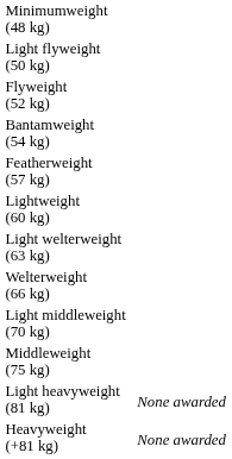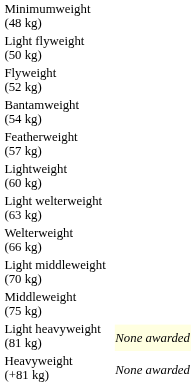 <table>
 <tr>
 <td rowspan=2>Minimumweight<br>(48 kg)</td>
 <td rowspan=2></td>
 <td rowspan=2></td>
 <td></td>
 </tr>
 <tr>
 <td></td>
 </tr>
 <tr>
 <td rowspan=2>Light flyweight<br>(50 kg)</td>
 <td rowspan=2></td>
 <td rowspan=2></td>
 <td></td>
 </tr>
 <tr>
 <td></td>
 </tr>
 <tr>
 <td rowspan=2>Flyweight<br>(52 kg)</td>
 <td rowspan=2></td>
 <td rowspan=2></td>
 <td></td>
 </tr>
 <tr>
 <td></td>
 </tr>
 <tr>
 <td rowspan=2>Bantamweight<br>(54 kg)</td>
 <td rowspan=2></td>
 <td rowspan=2></td>
 <td></td>
 </tr>
 <tr>
 <td></td>
 </tr>
 <tr>
 <td rowspan=2>Featherweight<br>(57 kg)</td>
 <td rowspan=2></td>
 <td rowspan=2></td>
 <td></td>
 </tr>
 <tr>
 <td></td>
 </tr>
 <tr>
 <td rowspan=2>Lightweight<br>(60 kg)</td>
 <td rowspan=2></td>
 <td rowspan=2></td>
 <td></td>
 </tr>
 <tr>
 <td></td>
 </tr>
 <tr>
 <td rowspan=2>Light welterweight<br>(63 kg)</td>
 <td rowspan=2></td>
 <td rowspan=2></td>
 <td></td>
 </tr>
 <tr>
 <td></td>
 </tr>
 <tr>
 <td rowspan=2>Welterweight<br>(66 kg)</td>
 <td rowspan=2></td>
 <td rowspan=2></td>
 <td></td>
 </tr>
 <tr>
 <td></td>
 </tr>
 <tr>
 <td rowspan=2>Light middleweight<br>(70 kg)</td>
 <td rowspan=2></td>
 <td rowspan=2></td>
 <td></td>
 </tr>
 <tr>
 <td></td>
 </tr>
 <tr>
 <td rowspan=2>Middleweight<br>(75 kg)</td>
 <td rowspan=2></td>
 <td rowspan=2></td>
 <td></td>
 </tr>
 <tr>
 <td></td>
 </tr>
 <tr>
 <td rowspan=2>Light heavyweight<br>(81 kg)</td>
 <td rowspan=2></td>
 <td rowspan=2></td>
 <td></td>
 </tr>
 <tr>
-<td><em>None awarded</em></td>
+<td style="background: lightyellow;"><em>None awarded</em></td>
 </tr>
 <tr>
 <td rowspan=2>Heavyweight<br>(+81 kg)</td>
 <td rowspan=2></td>
 <td rowspan=2></td>
 <td></td>
 </tr>
 <tr>
 <td><em>None awarded</em></td>
 </tr>
 </table>
